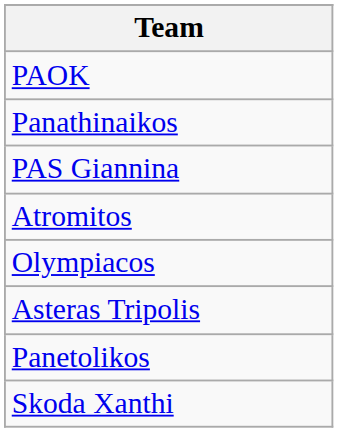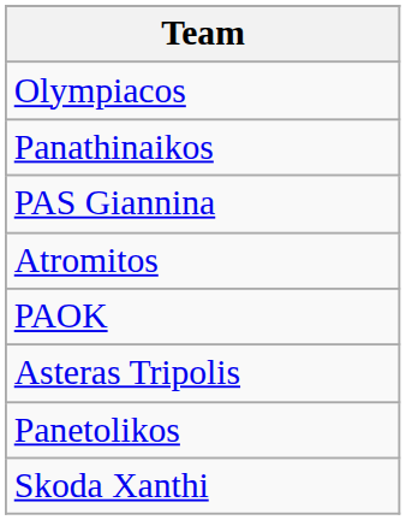 <table class="wikitable">
 <tr>
 </tr>
 <tr>
 <th width=170>Team</th>
 </tr>
 <tr>
-<td><a href='#'>PAOK</a></td>
+<td><a href='#'>Olympiacos</a></td>
 </tr>
 <tr>
 <td><a href='#'>Panathinaikos</a></td>
 </tr>
 <tr>
 <td><a href='#'>PAS Giannina</a></td>
 </tr>
 <tr>
 <td><a href='#'>Atromitos</a></td>
 </tr>
 <tr>
-<td><a href='#'>Olympiacos</a></td>
+<td><a href='#'>PAOK</a></td>
 </tr>
 <tr>
 <td><a href='#'>Asteras Tripolis</a></td>
 </tr>
 <tr>
 <td><a href='#'>Panetolikos</a></td>
 </tr>
 <tr>
 <td><a href='#'>Skoda Xanthi</a></td>
 </tr>
 </table>
